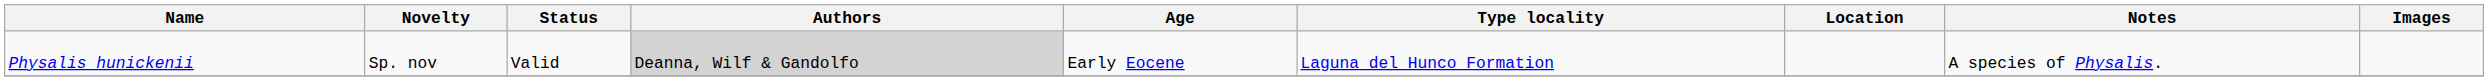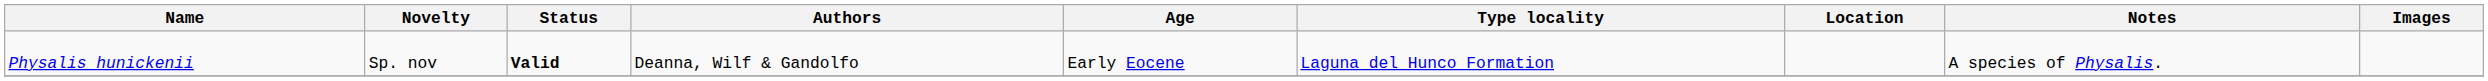 <table class="wikitable sortable" align="center" width="100%">
 <tr>
 <th>Name</th>
 <th>Novelty</th>
 <th>Status</th>
 <th>Authors</th>
 <th>Age</th>
 <th>Type locality</th>
 <th>Location</th>
 <th>Notes</th>
 <th>Images</th>
 </tr>
 <tr>
 <td><br><em><a href='#'>Physalis hunickenii</a></em></td>
 <td><br>Sp. nov</td>
-<td><br>Valid</td>
-<td style="background: lightgrey;"><br>Deanna, Wilf & Gandolfo</td>
+<td><strong><br>Valid</strong></td>
+<td><br>Deanna, Wilf & Gandolfo</td>
 <td><br>Early <a href='#'>Eocene</a></td>
 <td><br><a href='#'>Laguna del Hunco Formation</a></td>
 <td><br></td>
 <td><br>A species of <em><a href='#'>Physalis</a></em>.</td>
 <td></td>
 </tr>
 <tr>
 </tr>
 </table>
